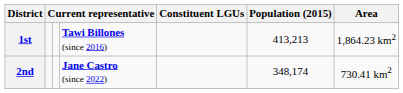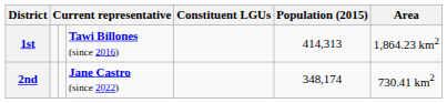 <table class="wikitable sortable" style="margin: 1em auto; font-size:100%; line-height:20px; text-align:center">
 <tr>
 <th>District</th>
 <th colspan="3">Current representative</th>
 <th>Constituent LGUs</th>
 <th>Population (2015)</th>
 <th>Area</th>
 </tr>
 <tr>
 <th><a href='#'>1st</a></th>
 <td style="background:"></td>
 <td></td>
 <td style="text-align:left;"><strong><a href='#'>Tawi Billones</a></strong><br><small>(since <a href='#'>2016</a>)</small></td>
 <td></td>
-<td>413,213</td>
+<td>414,313</td>
 <td>1,864.23 km<sup>2</sup></td>
 </tr>
 <tr>
 <th><a href='#'>2nd</a></th>
 <td style="background:"></td>
 <td></td>
 <td style="text-align:left;"><strong><a href='#'>Jane Castro</a></strong><br><small>(since <a href='#'>2022</a>)</small></td>
 <td></td>
 <td>348,174</td>
 <td>730.41 km<sup>2</sup></td>
 </tr>
 </table>
